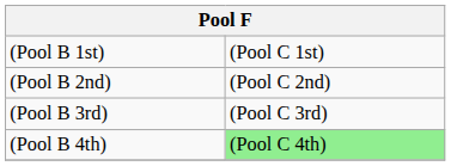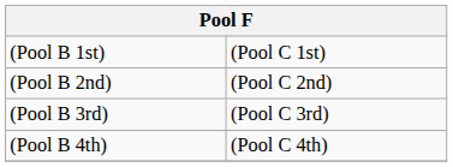 <table class="wikitable" style="white-space:nowrap">
 <tr>
 <th width=50% colspan=2>Pool F</th>
 </tr>
 <tr>
 <td> (Pool B 1st)</td>
 <td> (Pool C 1st)</td>
 </tr>
 <tr>
 <td> (Pool B 2nd)</td>
 <td> (Pool C 2nd)</td>
 </tr>
 <tr>
 <td> (Pool B 3rd)</td>
 <td> (Pool C 3rd)</td>
 </tr>
 <tr>
 <td> (Pool B 4th)</td>
-<td style="background: lightgreen;"> (Pool C 4th)</td>
+<td> (Pool C 4th)</td>
 </tr>
 <tr>
 </tr>
 </table>
